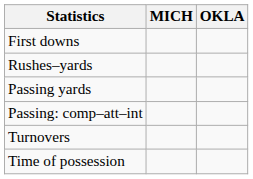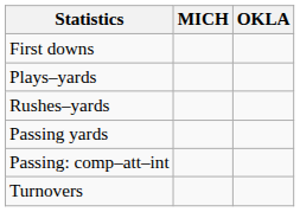 <table class="wikitable" style="float:left">
 <tr>
 <th>Statistics</th>
 <th>MICH</th>
 <th>OKLA</th>
 </tr>
 <tr>
 <td>First downs</td>
+<td></td>
+<td></td>
+</tr>
+<tr>
+<td>Plays–yards</td>
 <td></td>
 <td></td>
 </tr>
 <tr>
 <td>Rushes–yards</td>
 <td></td>
 <td></td>
 </tr>
 <tr>
 <td>Passing yards</td>
 <td></td>
 <td></td>
 </tr>
 <tr>
 <td>Passing: comp–att–int</td>
 <td></td>
 <td></td>
 </tr>
 <tr>
 <td>Turnovers</td>
 <td></td>
 <td></td>
 </tr>
-<tr>
-<td>Time of possession</td>
-<td></td>
-<td></td>
-</tr>
 </table>
